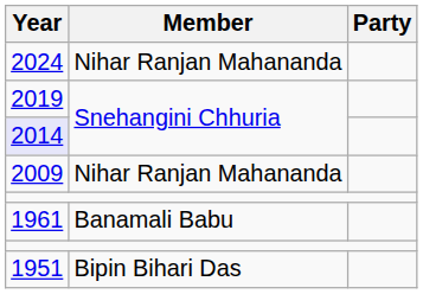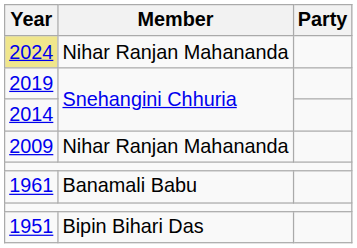 <table class="wikitable sortable">
 <tr>
 <th>Year</th>
 <th>Member</th>
 <th colspan="2">Party</th>
 </tr>
 <tr>
-<td><a href='#'>2024</a></td>
+<td style="background: khaki;"><a href='#'>2024</a></td>
 <td>Nihar Ranjan Mahananda</td>
 <td></td>
 </tr>
 <tr>
 <td><a href='#'>2019</a></td>
 <td rowspan=2><a href='#'>Snehangini Chhuria</a></td>
 <td></td>
 </tr>
 <tr>
-<td style="background: lavender;"><a href='#'>2014</a></td>
+<td><a href='#'>2014</a></td>
 </tr>
 <tr>
 <td><a href='#'>2009</a></td>
 <td>Nihar Ranjan Mahananda</td>
 <td></td>
 </tr>
 <tr>
 <td colspan="4"></td>
 </tr>
 <tr>
 <td><a href='#'>1961</a></td>
 <td>Banamali Babu</td>
 <td></td>
 </tr>
 <tr>
 <td colspan="4"></td>
 </tr>
 <tr>
 <td><a href='#'>1951</a></td>
 <td>Bipin Bihari Das</td>
 <td></td>
 </tr>
 </table>
